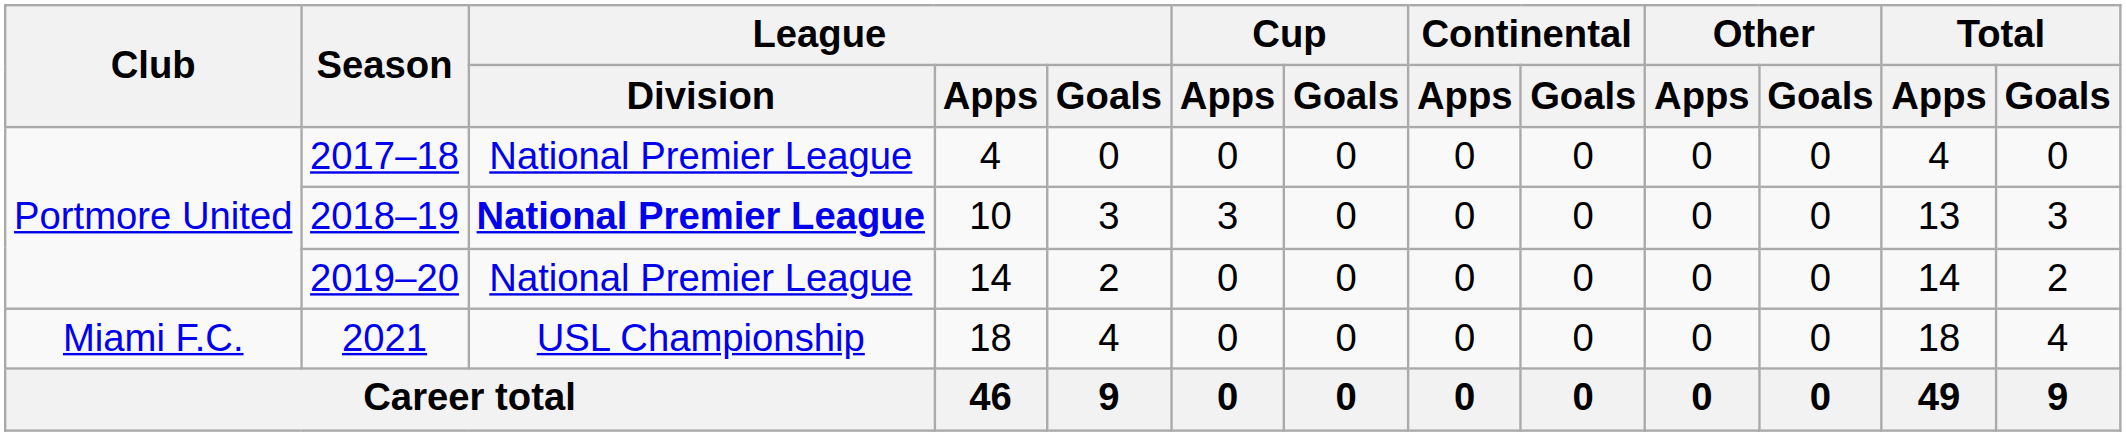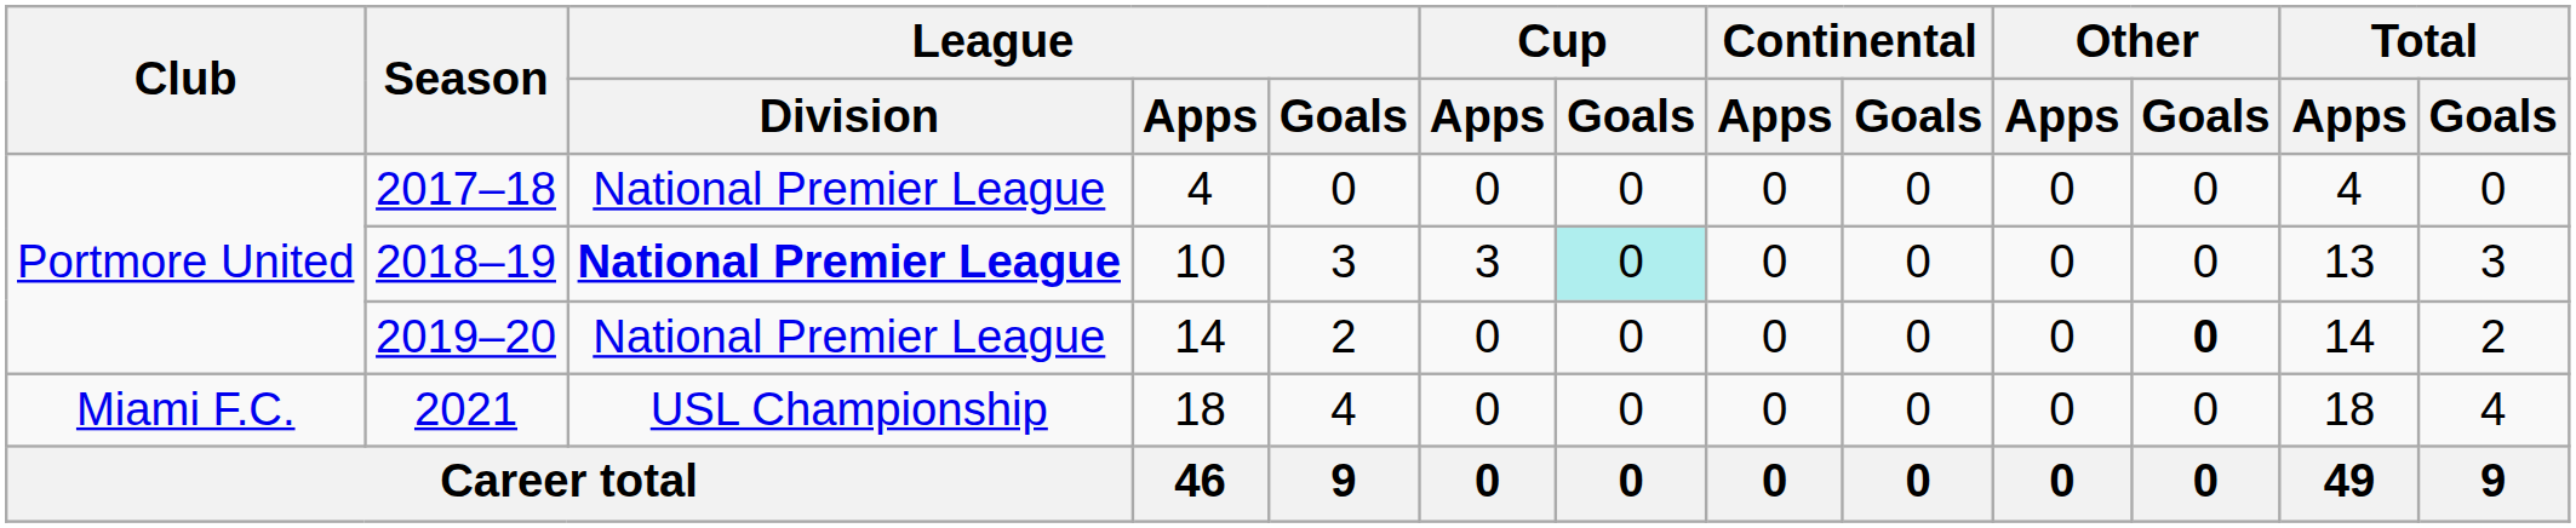 <table class="wikitable" style="text-align: center">
 <tr>
 <th rowspan="2">Club</th>
 <th rowspan="2">Season</th>
 <th colspan="3">League</th>
 <th colspan="2">Cup</th>
 <th colspan="2">Continental</th>
 <th colspan="2">Other</th>
 <th colspan="2">Total</th>
 </tr>
 <tr>
 <th>Division</th>
 <th>Apps</th>
 <th>Goals</th>
 <th>Apps</th>
 <th>Goals</th>
 <th>Apps</th>
 <th>Goals</th>
 <th>Apps</th>
 <th>Goals</th>
 <th>Apps</th>
 <th>Goals</th>
 </tr>
 <tr>
 <td rowspan="3"><a href='#'>Portmore United</a></td>
 <td><a href='#'>2017–18</a></td>
 <td><a href='#'>National Premier League</a></td>
 <td>4</td>
 <td>0</td>
 <td>0</td>
 <td>0</td>
 <td>0</td>
 <td>0</td>
 <td>0</td>
 <td>0</td>
 <td>4</td>
 <td>0</td>
 </tr>
 <tr>
 <td><a href='#'>2018–19</a></td>
 <td><strong><a href='#'>National Premier League</a></strong></td>
 <td>10</td>
 <td>3</td>
 <td>3</td>
-<td>0</td>
+<td style="background: paleturquoise;">0</td>
 <td>0</td>
 <td>0</td>
 <td>0</td>
 <td>0</td>
 <td>13</td>
 <td>3</td>
 </tr>
 <tr>
 <td><a href='#'>2019–20</a></td>
 <td><a href='#'>National Premier League</a></td>
 <td>14</td>
 <td>2</td>
 <td>0</td>
 <td>0</td>
 <td>0</td>
 <td>0</td>
 <td>0</td>
-<td>0</td>
+<td><strong>0</strong></td>
 <td>14</td>
 <td>2</td>
 </tr>
 <tr>
 <td rowspan="1"><a href='#'>Miami F.C.</a></td>
 <td><a href='#'>2021</a></td>
 <td><a href='#'>USL Championship</a></td>
 <td>18</td>
 <td>4</td>
 <td>0</td>
 <td>0</td>
 <td>0</td>
 <td>0</td>
 <td>0</td>
 <td>0</td>
 <td>18</td>
 <td>4</td>
 </tr>
 <tr>
 <th colspan="3"><strong>Career total</strong></th>
 <th>46</th>
 <th>9</th>
 <th>0</th>
 <th>0</th>
 <th>0</th>
 <th>0</th>
 <th>0</th>
 <th>0</th>
 <th>49</th>
 <th>9</th>
 </tr>
 </table>
